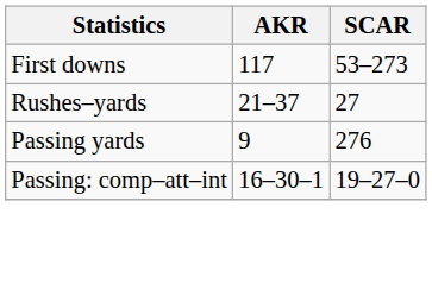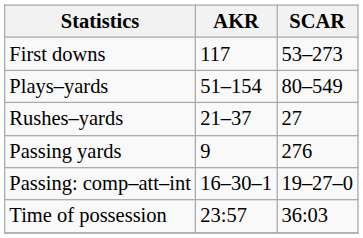 <table class="wikitable" style="float: left;">
 <tr>
 <th>Statistics</th>
 <th>AKR</th>
 <th>SCAR</th>
 </tr>
 <tr>
 <td>First downs</td>
 <td>117</td>
 <td>53–273</td>
+</tr>
+<tr>
+<td>Plays–yards</td>
+<td>51–154</td>
+<td>80–549</td>
 </tr>
 <tr>
 <td>Rushes–yards</td>
 <td>21–37</td>
 <td>27</td>
 </tr>
 <tr>
 <td>Passing yards</td>
 <td>9</td>
 <td>276</td>
 </tr>
 <tr>
 <td>Passing: comp–att–int</td>
 <td>16–30–1</td>
 <td>19–27–0</td>
 </tr>
 <tr>
+<td>Time of possession</td>
+<td>23:57</td>
+<td>36:03</td>
+</tr>
+<tr>
 </tr>
 </table>
